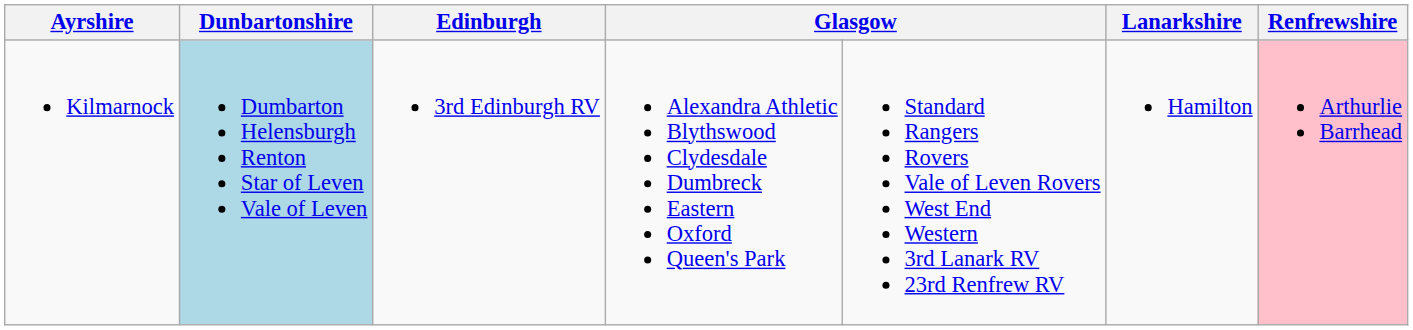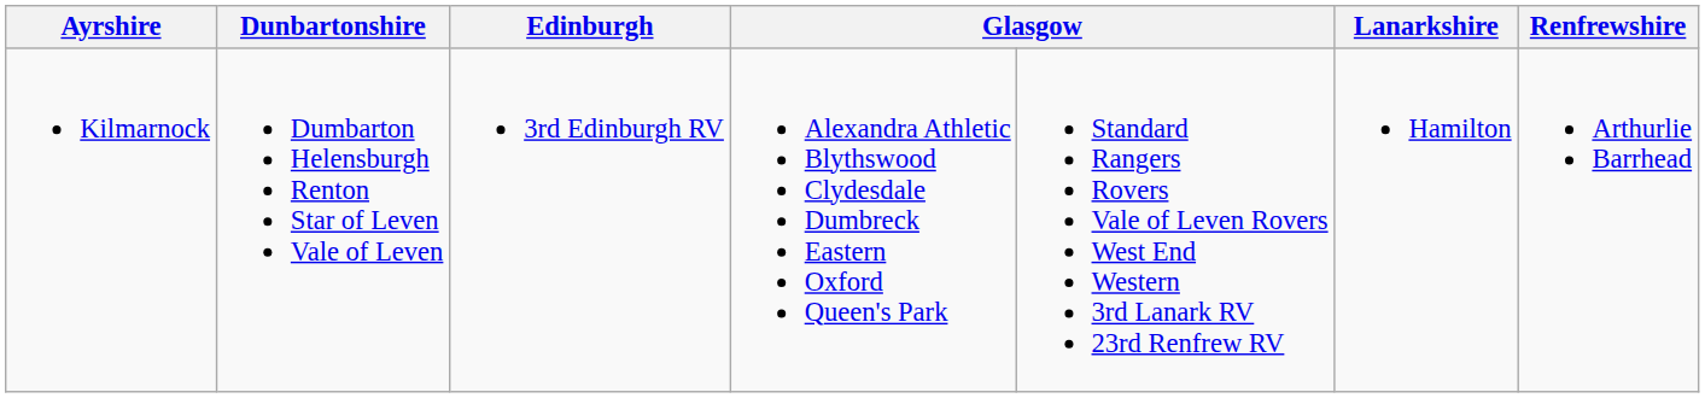 <table class="wikitable" style="text-align:left">
 <tr>
 <th scope="col"><a href='#'>Ayrshire</a></th>
 <th scope="col"><a href='#'>Dunbartonshire</a></th>
 <th scope="col"><a href='#'>Edinburgh</a></th>
 <th colspan=2 scope="col"><a href='#'>Glasgow</a></th>
 <th scope="col"><a href='#'>Lanarkshire</a></th>
 <th scope="col"><a href='#'>Renfrewshire</a></th>
 </tr>
 <tr>
 <td valign=top><br><ul><li><a href='#'>Kilmarnock</a></li></ul></td>
-<td valign=top style="background: lightblue;"><br><ul><li><a href='#'>Dumbarton</a></li><li><a href='#'>Helensburgh</a></li><li><a href='#'>Renton</a></li><li><a href='#'>Star of Leven</a></li><li><a href='#'>Vale of Leven</a></li></ul></td>
+<td valign=top><br><ul><li><a href='#'>Dumbarton</a></li><li><a href='#'>Helensburgh</a></li><li><a href='#'>Renton</a></li><li><a href='#'>Star of Leven</a></li><li><a href='#'>Vale of Leven</a></li></ul></td>
 <td valign=top><br><ul><li><a href='#'>3rd Edinburgh RV</a></li></ul></td>
 <td valign=top><br><ul><li><a href='#'>Alexandra Athletic</a></li><li><a href='#'>Blythswood</a></li><li><a href='#'>Clydesdale</a></li><li><a href='#'>Dumbreck</a></li><li><a href='#'>Eastern</a></li><li><a href='#'>Oxford</a></li><li><a href='#'>Queen's Park</a></li></ul></td>
 <td valign=top><br><ul><li><a href='#'>Standard</a></li><li><a href='#'>Rangers</a></li><li><a href='#'>Rovers</a></li><li><a href='#'>Vale of Leven Rovers</a></li><li><a href='#'>West End</a></li><li><a href='#'>Western</a></li><li><a href='#'>3rd Lanark RV</a></li><li><a href='#'>23rd Renfrew RV</a></li></ul></td>
 <td valign=top><br><ul><li><a href='#'>Hamilton</a></li></ul></td>
-<td valign=top style="background: pink;"><br><ul><li><a href='#'>Arthurlie</a></li><li><a href='#'>Barrhead</a></li></ul></td>
+<td valign=top><br><ul><li><a href='#'>Arthurlie</a></li><li><a href='#'>Barrhead</a></li></ul></td>
 </tr>
 </table>
